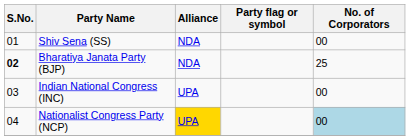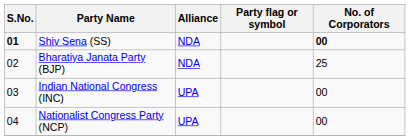 <table class="sortable wikitable">
 <tr>
 <th>S.No.</th>
 <th>Party Name</th>
 <th>Alliance</th>
 <th>Party flag or symbol</th>
 <th>No. of Corporators</th>
 </tr>
 <tr>
-<td>01</td>
+<td><strong>01</strong></td>
 <td><a href='#'>Shiv Sena</a> (SS)</td>
 <td><a href='#'>NDA</a></td>
 <td></td>
-<td>00</td>
+<td><strong>00</strong></td>
 </tr>
 <tr>
-<td><strong>02</strong></td>
+<td>02</td>
 <td><a href='#'>Bharatiya Janata Party</a> (BJP)</td>
 <td><a href='#'>NDA</a></td>
 <td></td>
 <td>25</td>
 </tr>
 <tr>
 <td>03</td>
 <td><a href='#'>Indian National Congress</a> (INC)</td>
 <td><a href='#'>UPA</a></td>
 <td></td>
 <td>00</td>
 </tr>
 <tr>
 <td>04</td>
 <td><a href='#'>Nationalist Congress Party</a> (NCP)</td>
-<td style="background: gold;"><a href='#'>UPA</a></td>
+<td><a href='#'>UPA</a></td>
 <td></td>
-<td style="background: lightblue;">00</td>
+<td>00</td>
 </tr>
 <tr>
 </tr>
 </table>
